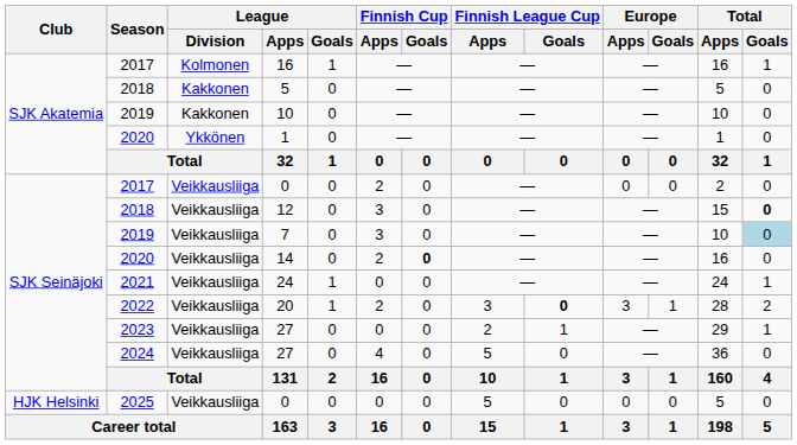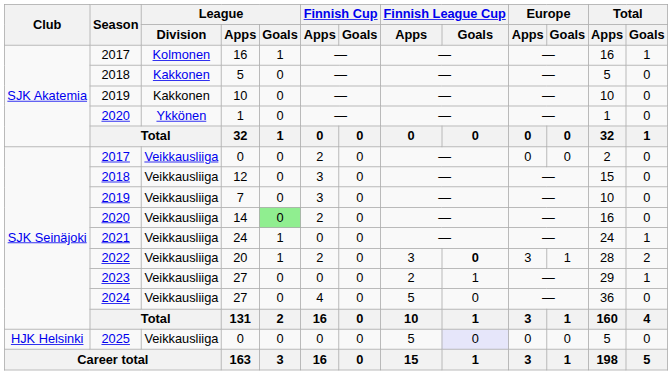 <table class="wikitable" style="text-align: center;">
 <tr>
 <th rowspan="2">Club</th>
 <th rowspan="2">Season</th>
 <th colspan="3">League</th>
 <th colspan="2"><a href='#'>Finnish Cup</a></th>
 <th colspan="2"><a href='#'>Finnish League Cup</a></th>
 <th colspan="2">Europe</th>
 <th colspan="2">Total</th>
 </tr>
 <tr>
 <th>Division</th>
 <th>Apps</th>
 <th>Goals</th>
 <th>Apps</th>
 <th>Goals</th>
 <th>Apps</th>
 <th>Goals</th>
 <th>Apps</th>
 <th>Goals</th>
 <th>Apps</th>
 <th>Goals</th>
 </tr>
 <tr>
 <td rowspan="5"><a href='#'>SJK Akatemia</a></td>
 <td>2017</td>
 <td><a href='#'>Kolmonen</a></td>
 <td>16</td>
 <td>1</td>
 <td colspan="2">—</td>
 <td colspan="2">—</td>
 <td colspan="2">—</td>
 <td>16</td>
 <td>1</td>
 </tr>
 <tr>
 <td>2018</td>
 <td><a href='#'>Kakkonen</a></td>
 <td>5</td>
 <td>0</td>
 <td colspan="2">—</td>
 <td colspan="2">—</td>
 <td colspan="2">—</td>
 <td>5</td>
 <td>0</td>
 </tr>
 <tr>
 <td>2019</td>
 <td>Kakkonen</td>
 <td>10</td>
 <td>0</td>
 <td colspan="2">—</td>
 <td colspan="2">—</td>
 <td colspan="2">—</td>
 <td>10</td>
 <td>0</td>
 </tr>
 <tr>
 <td><a href='#'>2020</a></td>
 <td><a href='#'>Ykkönen</a></td>
 <td>1</td>
 <td>0</td>
 <td colspan="2">—</td>
 <td colspan="2">—</td>
 <td colspan="2">—</td>
 <td>1</td>
 <td>0</td>
 </tr>
 <tr>
 <th colspan="2">Total</th>
 <th>32</th>
 <th>1</th>
 <th>0</th>
 <th>0</th>
 <th>0</th>
 <th>0</th>
 <th>0</th>
 <th>0</th>
 <th>32</th>
 <th>1</th>
 </tr>
 <tr>
 <td rowspan="9"><a href='#'>SJK Seinäjoki</a></td>
 <td><a href='#'>2017</a></td>
 <td><a href='#'>Veikkausliiga</a></td>
 <td>0</td>
 <td>0</td>
 <td>2</td>
 <td>0</td>
 <td colspan="2">—</td>
 <td>0</td>
 <td>0</td>
 <td>2</td>
 <td>0</td>
 </tr>
 <tr>
 <td><a href='#'>2018</a></td>
 <td>Veikkausliiga</td>
 <td>12</td>
 <td>0</td>
 <td>3</td>
 <td>0</td>
 <td colspan="2">—</td>
 <td colspan="2">—</td>
 <td>15</td>
-<td><strong>0</strong></td>
+<td>0</td>
 </tr>
 <tr>
 <td><a href='#'>2019</a></td>
 <td>Veikkausliiga</td>
 <td>7</td>
 <td>0</td>
 <td>3</td>
 <td>0</td>
 <td colspan="2">—</td>
 <td colspan="2">—</td>
 <td>10</td>
-<td style="background: lightblue;">0</td>
+<td>0</td>
 </tr>
 <tr>
 <td><a href='#'>2020</a></td>
 <td>Veikkausliiga</td>
 <td>14</td>
+<td style="background: lightgreen;">0</td>
+<td>2</td>
 <td>0</td>
-<td>2</td>
-<td><strong>0</strong></td>
 <td colspan="2">—</td>
 <td colspan="2">—</td>
 <td>16</td>
 <td>0</td>
 </tr>
 <tr>
 <td><a href='#'>2021</a></td>
 <td>Veikkausliiga</td>
 <td>24</td>
 <td>1</td>
 <td>0</td>
 <td>0</td>
 <td colspan="2">—</td>
 <td colspan="2">—</td>
 <td>24</td>
 <td>1</td>
 </tr>
 <tr>
 <td><a href='#'>2022</a></td>
 <td>Veikkausliiga</td>
 <td>20</td>
 <td>1</td>
 <td>2</td>
 <td>0</td>
 <td>3</td>
 <td><strong>0</strong></td>
 <td>3</td>
 <td>1</td>
 <td>28</td>
 <td>2</td>
 </tr>
 <tr>
 <td><a href='#'>2023</a></td>
 <td>Veikkausliiga</td>
 <td>27</td>
 <td>0</td>
 <td>0</td>
 <td>0</td>
 <td>2</td>
 <td>1</td>
 <td colspan="2">—</td>
 <td>29</td>
 <td>1</td>
 </tr>
 <tr>
 <td><a href='#'>2024</a></td>
 <td>Veikkausliiga</td>
 <td>27</td>
 <td>0</td>
 <td>4</td>
 <td>0</td>
 <td>5</td>
 <td>0</td>
 <td colspan="2">—</td>
 <td>36</td>
 <td>0</td>
 </tr>
 <tr>
 <th colspan="2">Total</th>
 <th>131</th>
 <th>2</th>
 <th>16</th>
 <th>0</th>
 <th>10</th>
 <th>1</th>
 <th>3</th>
 <th>1</th>
 <th>160</th>
 <th>4</th>
 </tr>
 <tr>
 <td><a href='#'>HJK Helsinki</a></td>
 <td><a href='#'>2025</a></td>
 <td>Veikkausliiga</td>
 <td>0</td>
 <td>0</td>
 <td>0</td>
 <td>0</td>
 <td>5</td>
-<td>0</td>
+<td style="background: lavender;">0</td>
 <td>0</td>
 <td>0</td>
 <td>5</td>
 <td>0</td>
 </tr>
 <tr>
 <th rowspan="1" colspan="3" valign="center">Career total</th>
 <th>163</th>
 <th>3</th>
 <th>16</th>
 <th>0</th>
 <th>15</th>
 <th>1</th>
 <th>3</th>
 <th>1</th>
 <th>198</th>
 <th>5</th>
 </tr>
 </table>
